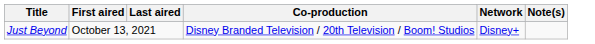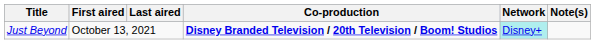 <table class="wikitable">
 <tr style="background:#b0c4de;  text-align:center;">
 <th>Title</th>
 <th>First aired</th>
 <th>Last aired</th>
 <th>Co-production</th>
 <th>Network</th>
 <th>Note(s)</th>
 </tr>
 <tr>
 <td><em><a href='#'>Just Beyond</a></em></td>
 <td colspan="2">October 13, 2021</td>
-<td><a href='#'>Disney Branded Television</a> / <a href='#'>20th Television</a> / <a href='#'>Boom! Studios</a></td>
-<td><a href='#'>Disney+</a></td>
+<td><strong><a href='#'>Disney Branded Television</a> / <a href='#'>20th Television</a> / <a href='#'>Boom! Studios</a></strong></td>
+<td style="background: paleturquoise;"><a href='#'>Disney+</a></td>
 <td></td>
 </tr>
 </table>
